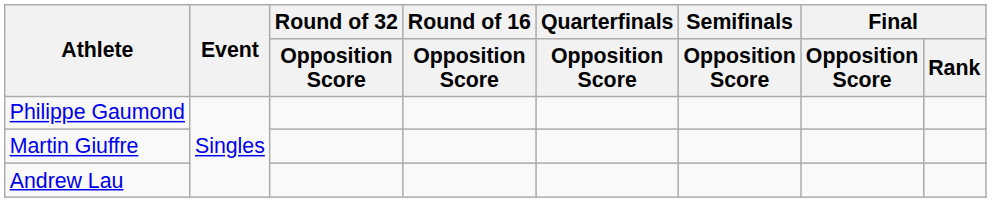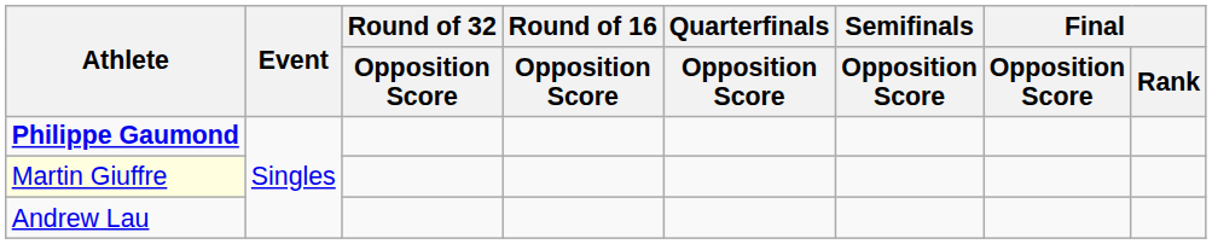 <table class="wikitable" border="1" style="font-size:90%">
 <tr>
 <th rowspan=2>Athlete</th>
 <th rowspan=2>Event</th>
 <th>Round of 32</th>
 <th>Round of 16</th>
 <th>Quarterfinals</th>
 <th>Semifinals</th>
 <th colspan=2>Final</th>
 </tr>
 <tr>
 <th>Opposition<br>Score</th>
 <th>Opposition<br>Score</th>
 <th>Opposition<br>Score</th>
 <th>Opposition<br>Score</th>
 <th>Opposition<br>Score</th>
 <th>Rank</th>
 </tr>
 <tr>
-<td><a href='#'>Philippe Gaumond</a></td>
+<td><strong><a href='#'>Philippe Gaumond</a></strong></td>
 <td rowspan=3><a href='#'>Singles</a></td>
 <td align=center></td>
 <td align=center></td>
 <td align=center></td>
 <td align=center></td>
 <td align=center></td>
 <td align=center></td>
 </tr>
 <tr>
-<td><a href='#'>Martin Giuffre</a></td>
+<td style="background: lightyellow;"><a href='#'>Martin Giuffre</a></td>
 <td align=center></td>
 <td align=center></td>
 <td align=center></td>
 <td align=center></td>
 <td align=center></td>
 <td align=center></td>
 </tr>
 <tr>
 <td><a href='#'>Andrew Lau</a></td>
 <td align=center></td>
 <td align=center></td>
 <td align=center></td>
 <td align=center></td>
 <td align=center></td>
 <td align=center></td>
 </tr>
 </table>
